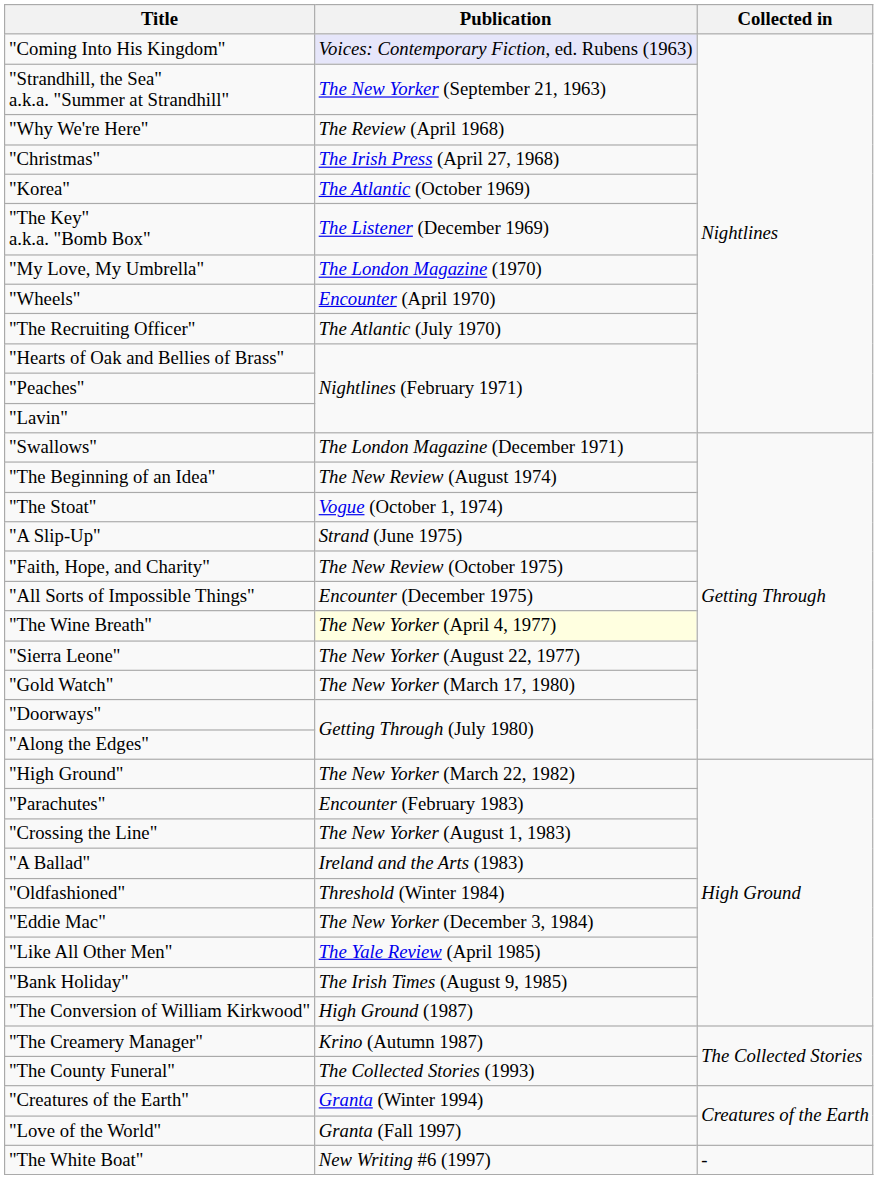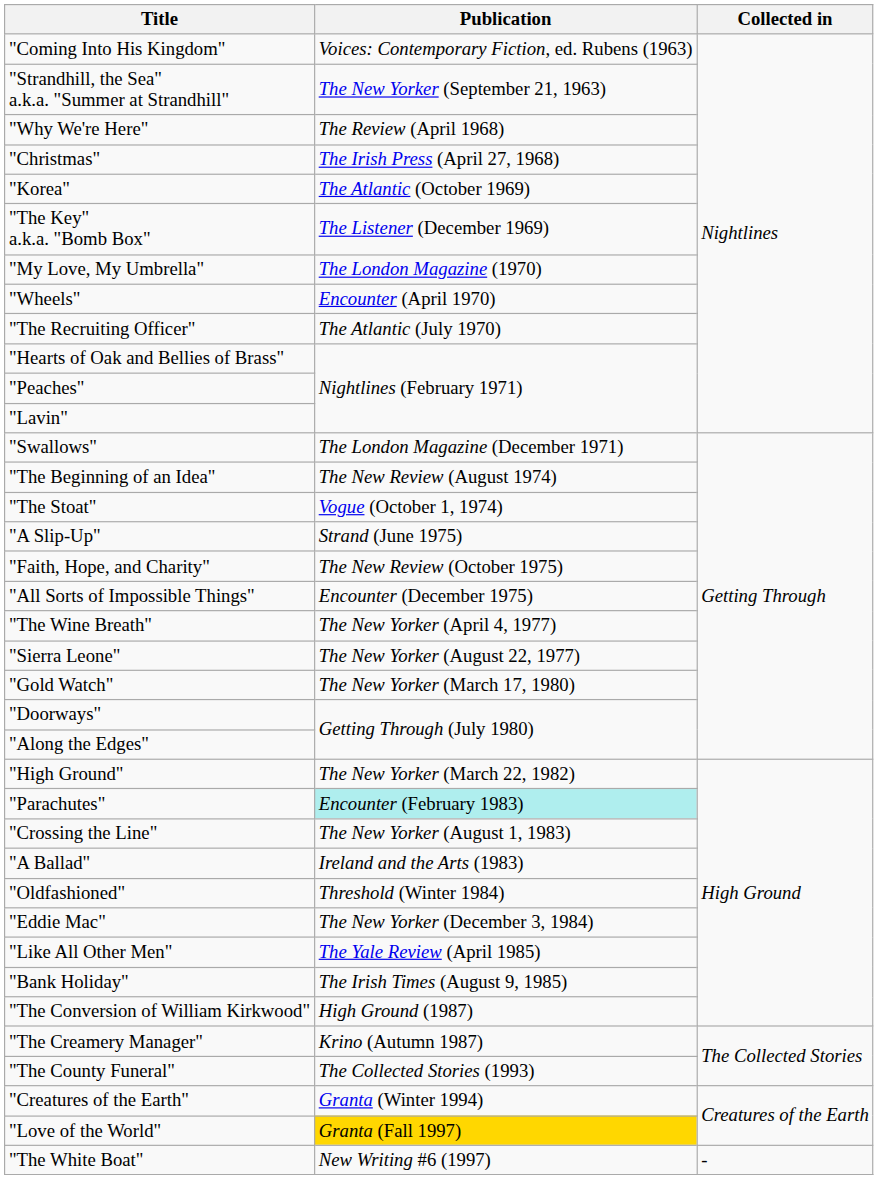 <table class="wikitable">
 <tr>
 <th>Title</th>
 <th>Publication</th>
 <th>Collected in</th>
 </tr>
 <tr>
 <td>"Coming Into His Kingdom"</td>
-<td style="background: lavender;"><em>Voices: Contemporary Fiction</em>, ed. Rubens (1963)</td>
+<td><em>Voices: Contemporary Fiction</em>, ed. Rubens (1963)</td>
 <td rowspan=12><em>Nightlines</em></td>
 </tr>
 <tr>
 <td>"Strandhill, the Sea"<br>a.k.a. "Summer at Strandhill"</td>
 <td><em><a href='#'>The New Yorker</a></em> (September 21, 1963)</td>
 </tr>
 <tr>
 <td>"Why We're Here"</td>
 <td><em>The Review</em> (April 1968)</td>
 </tr>
 <tr>
 <td>"Christmas"</td>
 <td><em><a href='#'>The Irish Press</a></em> (April 27, 1968)</td>
 </tr>
 <tr>
 <td>"Korea"</td>
 <td><em><a href='#'>The Atlantic</a></em> (October 1969)</td>
 </tr>
 <tr>
 <td>"The Key"<br>a.k.a. "Bomb Box"</td>
 <td><em><a href='#'>The Listener</a></em> (December 1969)</td>
 </tr>
 <tr>
 <td>"My Love, My Umbrella"</td>
 <td><em><a href='#'>The London Magazine</a></em> (1970)</td>
 </tr>
 <tr>
 <td>"Wheels"</td>
 <td><em><a href='#'>Encounter</a></em> (April 1970)</td>
 </tr>
 <tr>
 <td>"The Recruiting Officer"</td>
 <td><em>The Atlantic</em> (July 1970)</td>
 </tr>
 <tr>
 <td>"Hearts of Oak and Bellies of Brass"</td>
 <td rowspan=3><em>Nightlines</em> (February 1971)</td>
 </tr>
 <tr>
 <td>"Peaches"</td>
 </tr>
 <tr>
 <td>"Lavin"</td>
 </tr>
 <tr>
 <td>"Swallows"</td>
 <td><em>The London Magazine</em> (December 1971)</td>
 <td rowspan=11><em>Getting Through</em></td>
 </tr>
 <tr>
 <td>"The Beginning of an Idea"</td>
 <td><em>The New Review</em> (August 1974)</td>
 </tr>
 <tr>
 <td>"The Stoat"</td>
 <td><em><a href='#'>Vogue</a></em> (October 1, 1974)</td>
 </tr>
 <tr>
 <td>"A Slip-Up"</td>
 <td><em>Strand</em> (June 1975)</td>
 </tr>
 <tr>
 <td>"Faith, Hope, and Charity"</td>
 <td><em>The New Review</em> (October 1975)</td>
 </tr>
 <tr>
 <td>"All Sorts of Impossible Things"</td>
 <td><em>Encounter</em> (December 1975)</td>
 </tr>
 <tr>
 <td>"The Wine Breath"</td>
-<td style="background: lightyellow;"><em>The New Yorker</em> (April 4, 1977)</td>
+<td><em>The New Yorker</em> (April 4, 1977)</td>
 </tr>
 <tr>
 <td>"Sierra Leone"</td>
 <td><em>The New Yorker</em> (August 22, 1977)</td>
 </tr>
 <tr>
 <td>"Gold Watch"</td>
 <td><em>The New Yorker</em> (March 17, 1980)</td>
 </tr>
 <tr>
 <td>"Doorways"</td>
 <td rowspan=2><em>Getting Through</em> (July 1980)</td>
 </tr>
 <tr>
 <td>"Along the Edges"</td>
 </tr>
 <tr>
 <td>"High Ground"</td>
 <td><em>The New Yorker</em> (March 22, 1982)</td>
 <td rowspan=9><em>High Ground</em></td>
 </tr>
 <tr>
 <td>"Parachutes"</td>
-<td><em>Encounter</em> (February 1983)</td>
+<td style="background: paleturquoise;"><em>Encounter</em> (February 1983)</td>
 </tr>
 <tr>
 <td>"Crossing the Line"</td>
 <td><em>The New Yorker</em> (August 1, 1983)</td>
 </tr>
 <tr>
 <td>"A Ballad"</td>
 <td><em>Ireland and the Arts</em> (1983)</td>
 </tr>
 <tr>
 <td>"Oldfashioned"</td>
 <td><em>Threshold</em> (Winter 1984)</td>
 </tr>
 <tr>
 <td>"Eddie Mac"</td>
 <td><em>The New Yorker</em> (December 3, 1984)</td>
 </tr>
 <tr>
 <td>"Like All Other Men"</td>
 <td><em><a href='#'>The Yale Review</a></em> (April 1985)</td>
 </tr>
 <tr>
 <td>"Bank Holiday"</td>
 <td><em>The Irish Times</em> (August 9, 1985)</td>
 </tr>
 <tr>
 <td>"The Conversion of William Kirkwood"</td>
 <td><em>High Ground</em> (1987)</td>
 </tr>
 <tr>
 <td>"The Creamery Manager"</td>
 <td><em>Krino</em> (Autumn 1987)</td>
 <td rowspan=2><em>The Collected Stories</em></td>
 </tr>
 <tr>
 <td>"The County Funeral"</td>
 <td><em>The Collected Stories</em> (1993)</td>
 </tr>
 <tr>
 <td>"Creatures of the Earth"</td>
 <td><em><a href='#'>Granta</a></em> (Winter 1994)</td>
 <td rowspan=2><em>Creatures of the Earth</em></td>
 </tr>
 <tr>
 <td>"Love of the World"</td>
-<td><em>Granta</em> (Fall 1997)</td>
+<td style="background: gold;"><em>Granta</em> (Fall 1997)</td>
 </tr>
 <tr>
 <td>"The White Boat"</td>
 <td><em>New Writing</em> #6 (1997)</td>
 <td>-</td>
 </tr>
 <tr>
 </tr>
 </table>
